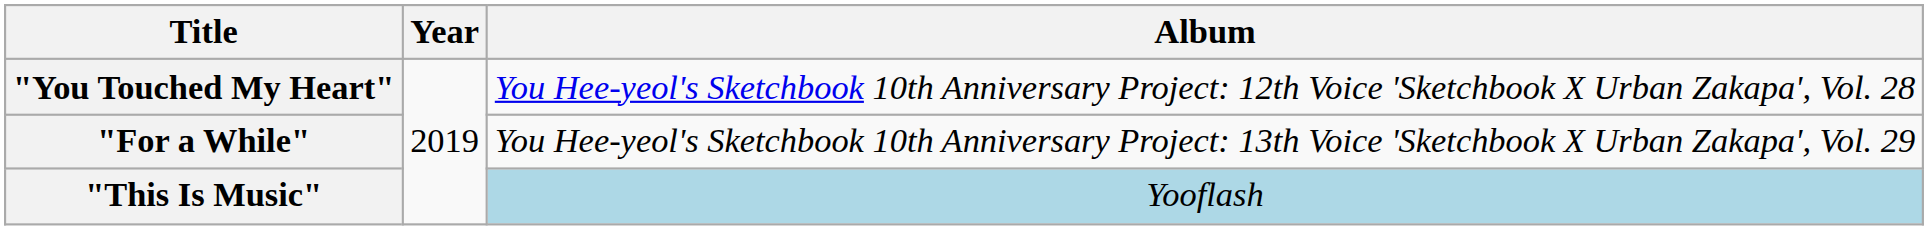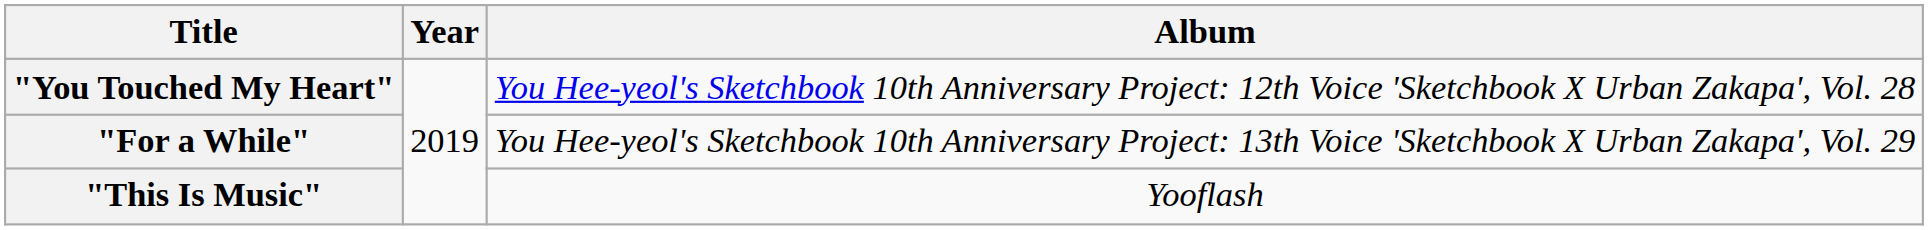 <table class="wikitable plainrowheaders" style="text-align:center">
 <tr>
 <th scope="col">Title</th>
 <th scope="col">Year</th>
 <th scope="col">Album</th>
 </tr>
 <tr>
 <th scope="row">"You Touched My Heart" </th>
 <td rowspan=3>2019</td>
 <td><em><a href='#'>You Hee-yeol's Sketchbook</a> 10th Anniversary Project: 12th Voice 'Sketchbook X Urban Zakapa', Vol. 28</em></td>
 </tr>
 <tr>
 <th scope="row">"For a While"</th>
 <td><em>You Hee-yeol's Sketchbook 10th Anniversary Project: 13th Voice 'Sketchbook X Urban Zakapa', Vol. 29</em></td>
 </tr>
 <tr>
 <th scope="row">"This Is Music"<br></th>
-<td style="background: lightblue;"><em>Yooflash</em></td>
+<td><em>Yooflash</em></td>
 </tr>
 </table>
